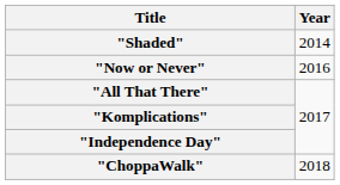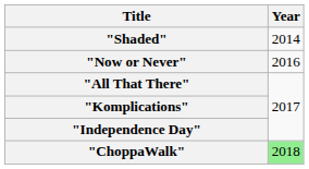 <table class="wikitable plainrowheaders" style="text-align:center;">
 <tr>
 <th scope="col" rowspan="1" style="width:18em;">Title</th>
 <th scope="col" rowspan="1">Year</th>
 </tr>
 <tr>
 <th scope="row">"Shaded"</th>
 <td>2014</td>
 </tr>
 <tr>
 <th scope="row">"Now or Never"</th>
 <td>2016</td>
 </tr>
 <tr>
 <th scope="row">"All That There"</th>
 <td rowspan="3">2017</td>
 </tr>
 <tr>
 <th scope="row">"Komplications"<br></th>
 </tr>
 <tr>
 <th scope="row">"Independence Day"</th>
 </tr>
 <tr>
 <th scope="row">"ChoppaWalk"<br></th>
-<td rowspan="1">2018</td>
+<td rowspan="1" style="background: lightgreen;">2018</td>
 </tr>
 </table>
